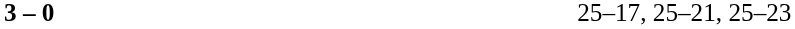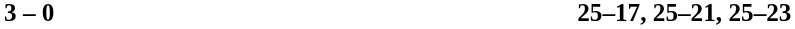 <table width=100% cellspacing=1>
 <tr>
 <th width=20%></th>
 <th width=12%></th>
 <th width=20%></th>
 <th width=33%></th>
 <td></td>
 </tr>
 <tr style=font-size:95%>
 <td align=right><strong></strong></td>
 <td align=center><strong>3 – 0</strong></td>
 <td></td>
-<td>25–17, 25–21, 25–23</td>
+<td><strong>25–17, 25–21, 25–23</strong></td>
 </tr>
 </table>
